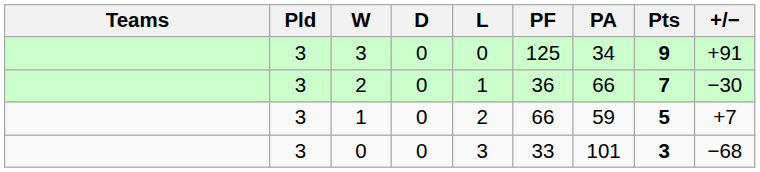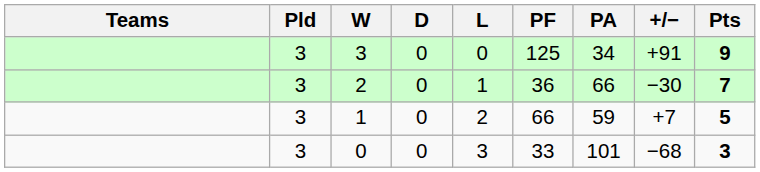 <table class="wikitable" style="text-align: center;">
 <tr>
 <th width="200">Teams</th>
 <th width="40">Pld</th>
 <th width="40">W</th>
 <th width="40">D</th>
 <th width="40">L</th>
 <th width="40">PF</th>
 <th width="40">PA</th>
+<th width="40">+/−</th>
 <th width="40">Pts</th>
-<th width="40">+/−</th>
 </tr>
 <tr bgcolor=ccffcc>
 <td align=left></td>
 <td>3</td>
 <td>3</td>
 <td>0</td>
 <td>0</td>
 <td>125</td>
 <td>34</td>
+<td>+91</td>
 <td><strong>9</strong></td>
-<td>+91</td>
 </tr>
 <tr bgcolor=ccffcc>
 <td align=left></td>
 <td>3</td>
 <td>2</td>
 <td>0</td>
 <td>1</td>
 <td>36</td>
 <td>66</td>
+<td>−30</td>
 <td><strong>7</strong></td>
-<td>−30</td>
 </tr>
 <tr>
 <td align=left></td>
 <td>3</td>
 <td>1</td>
 <td>0</td>
 <td>2</td>
 <td>66</td>
 <td>59</td>
+<td>+7</td>
 <td><strong>5</strong></td>
-<td>+7</td>
 </tr>
 <tr>
 <td align=left></td>
 <td>3</td>
 <td>0</td>
 <td>0</td>
 <td>3</td>
 <td>33</td>
 <td>101</td>
+<td>−68</td>
 <td><strong>3</strong></td>
-<td>−68</td>
 </tr>
 </table>
